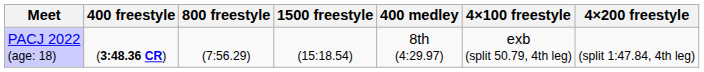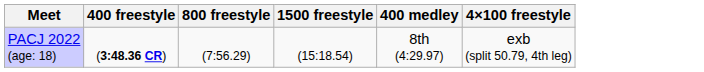 <table class="sortable wikitable">
 <tr>
 <th>Meet</th>
 <th class="unsortable">400 freestyle</th>
 <th class="unsortable">800 freestyle</th>
 <th class="unsortable">1500 freestyle</th>
 <th class="unsortable">400 medley</th>
 <th class="unsortable">4×100 freestyle</th>
-<th class="unsortable">4×200 freestyle</th>
 </tr>
 <tr>
 <td style="background:#ccccff"><a href='#'>PACJ 2022</a><br><small>(age: 18)</small></td>
 <td align="center"><br><small>(<strong>3:48.36 <a href='#'>CR</a></strong>)</small></td>
 <td align="center"><br><small>(7:56.29)</small></td>
 <td align="center"><br><small>(15:18.54)</small></td>
 <td align="center">8th<br><small>(4:29.97)</small></td>
 <td align="center">exb<br><small>(split 50.79, 4th leg)</small></td>
-<td align="center"><br><small>(split 1:47.84, 4th leg)</small></td>
 </tr>
 </table>
